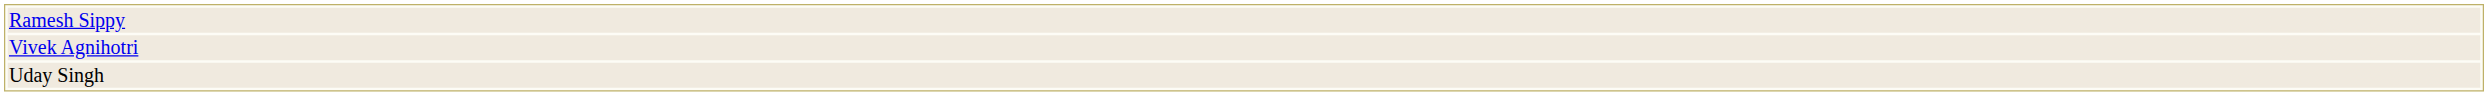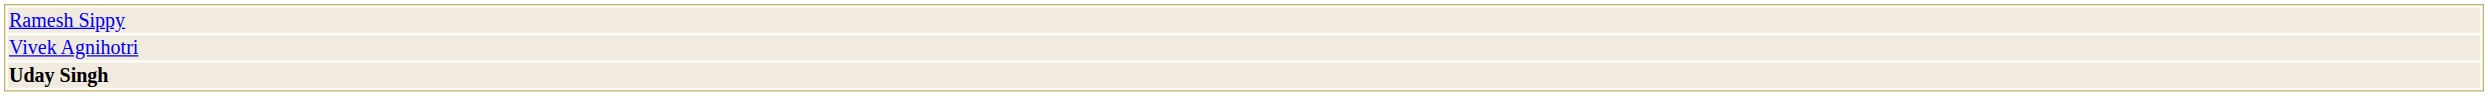 <table style="width:100%;border: 1px solid #BEB168;background-color:#FDFCF6;">
 <tr>
 <td style="background-color:#F0EADF;"> <a href='#'>Ramesh Sippy</a> </td>
 </tr>
 <tr>
 <td style="background-color:#F0EADF;"> <a href='#'>Vivek Agnihotri</a></td>
 </tr>
 <tr>
-<td style="background-color:#F0EADF;"> Uday Singh</td>
+<td style="background-color:#F0EADF;"><strong> Uday Singh</strong></td>
 </tr>
 </table>
